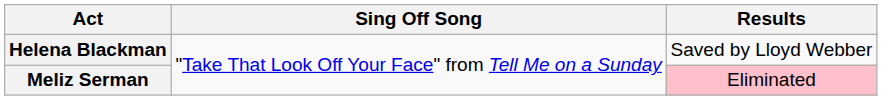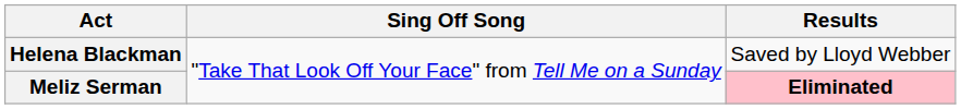 <table class="wikitable plainrowheaders" style="text-align:center;">
 <tr>
 <th scope="col">Act</th>
 <th scope="col">Sing Off Song</th>
 <th scope="col">Results</th>
 </tr>
 <tr>
 <th scope="row">Helena Blackman</th>
 <td rowspan="2">"<a href='#'>Take That Look Off Your Face</a>" from <em><a href='#'>Tell Me on a Sunday</a></em></td>
 <td>Saved by Lloyd Webber</td>
 </tr>
 <tr>
 <th scope="row">Meliz Serman</th>
-<td style="background:pink;">Eliminated</td>
+<td style="background:pink;"><strong>Eliminated</strong></td>
 </tr>
 </table>
